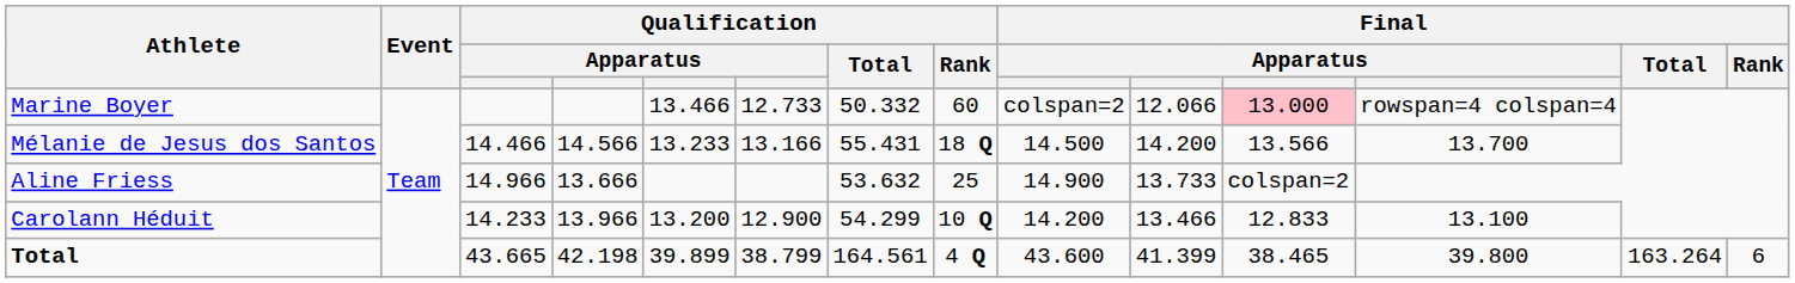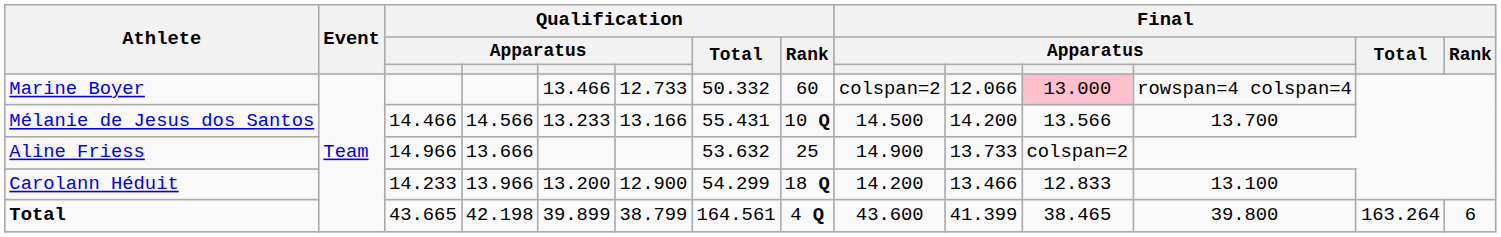 <table class="wikitable" style="font-size:90%">
 <tr>
 <th rowspan=3>Athlete</th>
 <th rowspan=3>Event</th>
 <th colspan=6>Qualification</th>
 <th colspan=6>Final</th>
 </tr>
 <tr style="font-size:95%">
 <th colspan=4>Apparatus</th>
 <th rowspan=2>Total</th>
 <th rowspan=2>Rank</th>
 <th colspan=4>Apparatus</th>
 <th rowspan=2>Total</th>
 <th rowspan=2>Rank</th>
 </tr>
 <tr style="font-size:95%">
 <th></th>
 <th></th>
 <th></th>
 <th></th>
 <th></th>
 <th></th>
 <th></th>
 <th></th>
 </tr>
 <tr align=center>
 <td align=left><a href='#'>Marine Boyer</a></td>
 <td align=left rowspan=5><a href='#'>Team</a></td>
 <td></td>
 <td></td>
 <td>13.466</td>
 <td>12.733</td>
 <td>50.332</td>
 <td>60</td>
 <td>colspan=2 </td>
 <td>12.066</td>
 <td style="background: pink;">13.000</td>
 <td>rowspan=4 colspan=4 </td>
 </tr>
 <tr align=center>
 <td align=left><a href='#'>Mélanie de Jesus dos Santos</a></td>
 <td>14.466</td>
 <td>14.566</td>
 <td>13.233</td>
 <td>13.166</td>
 <td>55.431</td>
-<td>18 <strong>Q</strong></td>
+<td>10 <strong>Q</strong></td>
 <td>14.500</td>
 <td>14.200</td>
 <td>13.566</td>
 <td>13.700</td>
 </tr>
 <tr align=center>
 <td align=left><a href='#'>Aline Friess</a></td>
 <td>14.966</td>
 <td>13.666</td>
 <td></td>
 <td></td>
 <td>53.632</td>
 <td>25</td>
 <td>14.900</td>
 <td>13.733</td>
 <td>colspan=2 </td>
 </tr>
 <tr align=center>
 <td align=left><a href='#'>Carolann Héduit</a></td>
 <td>14.233</td>
 <td>13.966</td>
 <td>13.200</td>
 <td>12.900</td>
 <td>54.299</td>
-<td>10 <strong>Q</strong></td>
+<td>18 <strong>Q</strong></td>
 <td>14.200</td>
 <td>13.466</td>
 <td>12.833</td>
 <td>13.100</td>
 </tr>
 <tr align=center>
 <td align=left><strong>Total</strong></td>
 <td>43.665</td>
 <td>42.198</td>
 <td>39.899</td>
 <td>38.799</td>
 <td>164.561</td>
 <td>4 <strong>Q</strong></td>
 <td>43.600</td>
 <td>41.399</td>
 <td>38.465</td>
 <td>39.800</td>
 <td>163.264</td>
 <td>6</td>
 </tr>
 </table>
